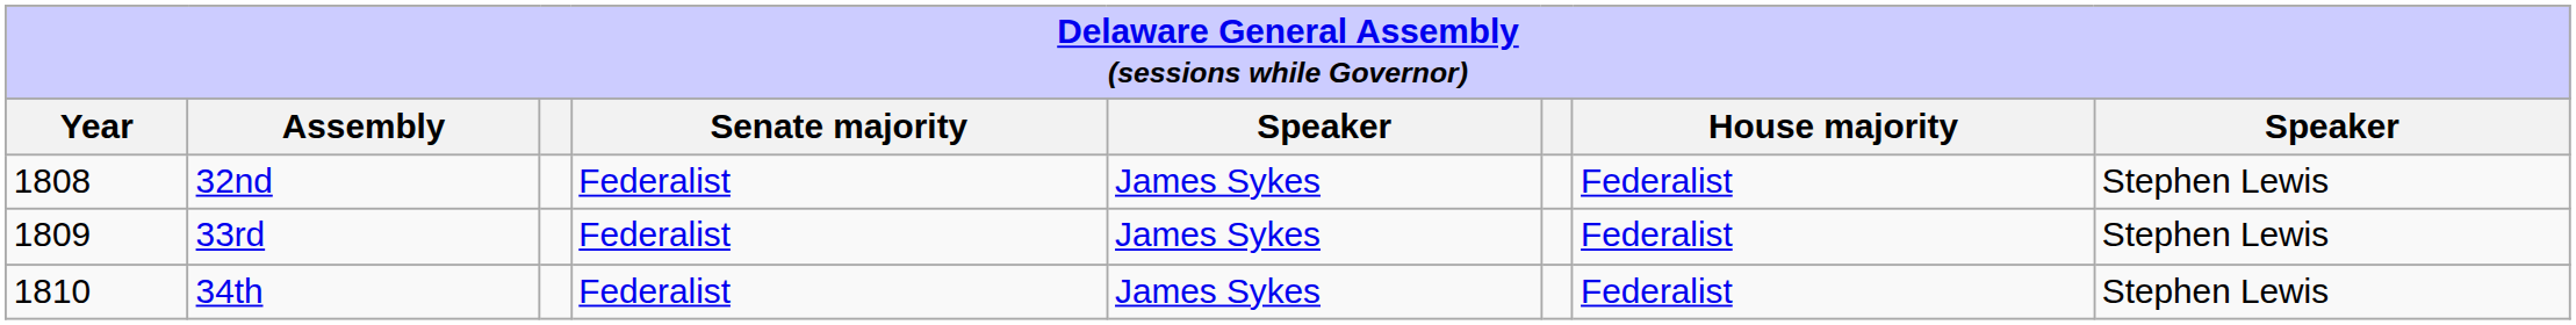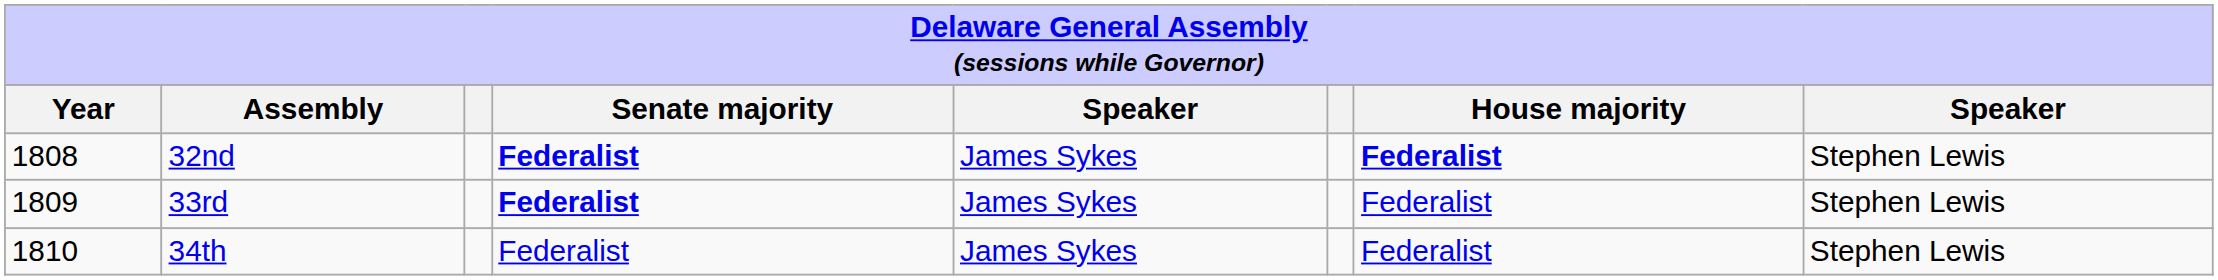 <table class=wikitable style="width: 94%" style="text-align: center;" align="center">
 <tr bgcolor=#cccccc>
 <th colspan=12 style="background: #ccccff;"><strong><a href='#'>Delaware General Assembly</a></strong> <br> <small> <em>(sessions while Governor)</em></small></th>
 </tr>
 <tr>
 <th><strong>Year</strong></th>
 <th><strong>Assembly</strong></th>
 <th></th>
 <th><strong>Senate majority</strong></th>
 <th><strong>Speaker</strong></th>
 <th></th>
 <th><strong>House majority</strong></th>
 <th><strong>Speaker</strong></th>
 </tr>
 <tr>
 <td>1808</td>
 <td><a href='#'>32nd</a></td>
 <td></td>
-<td><a href='#'>Federalist</a></td>
+<td><strong><a href='#'>Federalist</a></strong></td>
 <td><a href='#'>James Sykes</a></td>
 <td></td>
-<td><a href='#'>Federalist</a></td>
+<td><strong><a href='#'>Federalist</a></strong></td>
 <td>Stephen Lewis</td>
 </tr>
 <tr>
 <td>1809</td>
 <td><a href='#'>33rd</a></td>
 <td></td>
-<td><a href='#'>Federalist</a></td>
+<td><strong><a href='#'>Federalist</a></strong></td>
 <td><a href='#'>James Sykes</a></td>
 <td></td>
 <td><a href='#'>Federalist</a></td>
 <td>Stephen Lewis</td>
 </tr>
 <tr>
 <td>1810</td>
 <td><a href='#'>34th</a></td>
 <td></td>
 <td><a href='#'>Federalist</a></td>
 <td><a href='#'>James Sykes</a></td>
 <td></td>
 <td><a href='#'>Federalist</a></td>
 <td>Stephen Lewis</td>
 </tr>
 </table>
